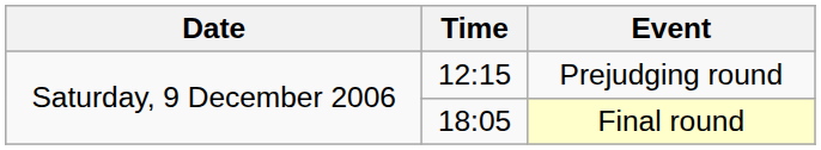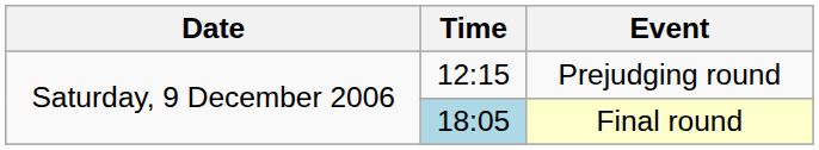 <table class = "wikitable" style="text-align:center;">
 <tr>
 <th width=220>Date</th>
 <th width=50>Time</th>
 <th width=150>Event</th>
 </tr>
 <tr>
 <td rowspan=2>Saturday, 9 December 2006</td>
 <td>12:15</td>
 <td>Prejudging round</td>
 </tr>
 <tr>
-<td>18:05</td>
+<td style="background: lightblue;">18:05</td>
 <td bgcolor=ffffcc>Final round</td>
 </tr>
 </table>
